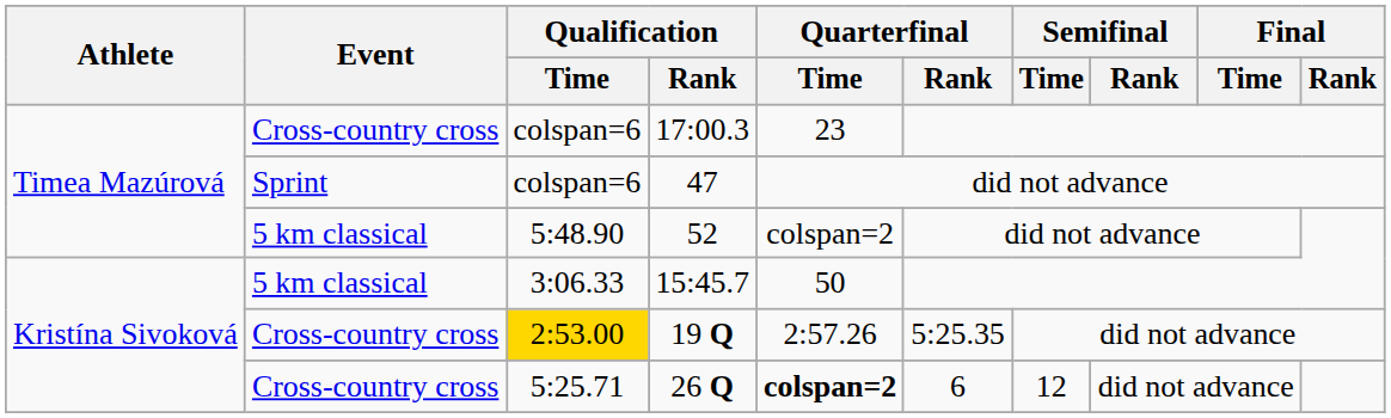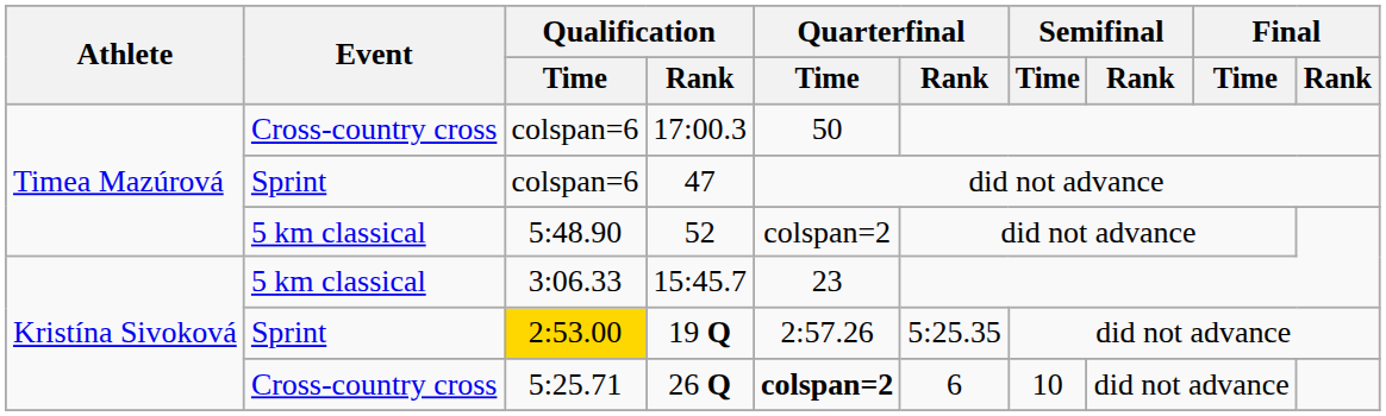 <table class="wikitable" style="font-size:90%">
 <tr>
 <th rowspan="2">Athlete</th>
 <th rowspan="2">Event</th>
 <th colspan="2">Qualification</th>
 <th colspan="2">Quarterfinal</th>
 <th colspan="2">Semifinal</th>
 <th colspan="2">Final</th>
 </tr>
 <tr style="font-size:95%">
 <th>Time</th>
 <th>Rank</th>
 <th>Time</th>
 <th>Rank</th>
 <th>Time</th>
 <th>Rank</th>
 <th>Time</th>
 <th>Rank</th>
 </tr>
 <tr align=center>
 <td align=left rowspan=3><a href='#'>Timea Mazúrová</a></td>
 <td align=left><a href='#'>Cross-country cross</a></td>
 <td>colspan=6 </td>
 <td>17:00.3</td>
-<td>23</td>
+<td>50</td>
 </tr>
 <tr align=center>
 <td align=left><a href='#'>Sprint</a></td>
 <td>colspan=6 </td>
 <td>47</td>
 <td colspan=6>did not advance</td>
 </tr>
 <tr align=center>
 <td align=left><a href='#'>5 km classical</a></td>
 <td>5:48.90</td>
 <td>52</td>
 <td>colspan=2 </td>
 <td colspan=4>did not advance</td>
 </tr>
 <tr align=center>
 <td align=left rowspan=3><a href='#'>Kristína Sivoková</a></td>
 <td align=left><a href='#'>5 km classical</a></td>
 <td>3:06.33</td>
 <td>15:45.7</td>
-<td>50</td>
+<td>23</td>
 </tr>
 <tr align=center>
-<td align=left><a href='#'>Cross-country cross</a></td>
+<td align=left><a href='#'>Sprint</a></td>
 <td style="background: gold;">2:53.00</td>
 <td>19 <strong>Q</strong></td>
 <td>2:57.26</td>
 <td>5:25.35</td>
 <td colspan=4>did not advance</td>
 </tr>
 <tr align=center>
 <td align=left><a href='#'>Cross-country cross</a></td>
 <td>5:25.71</td>
 <td>26 <strong>Q</strong></td>
 <td><strong>colspan=2 </strong></td>
 <td>6</td>
-<td>12</td>
+<td>10</td>
 <td colspan=2>did not advance</td>
 </tr>
 </table>
